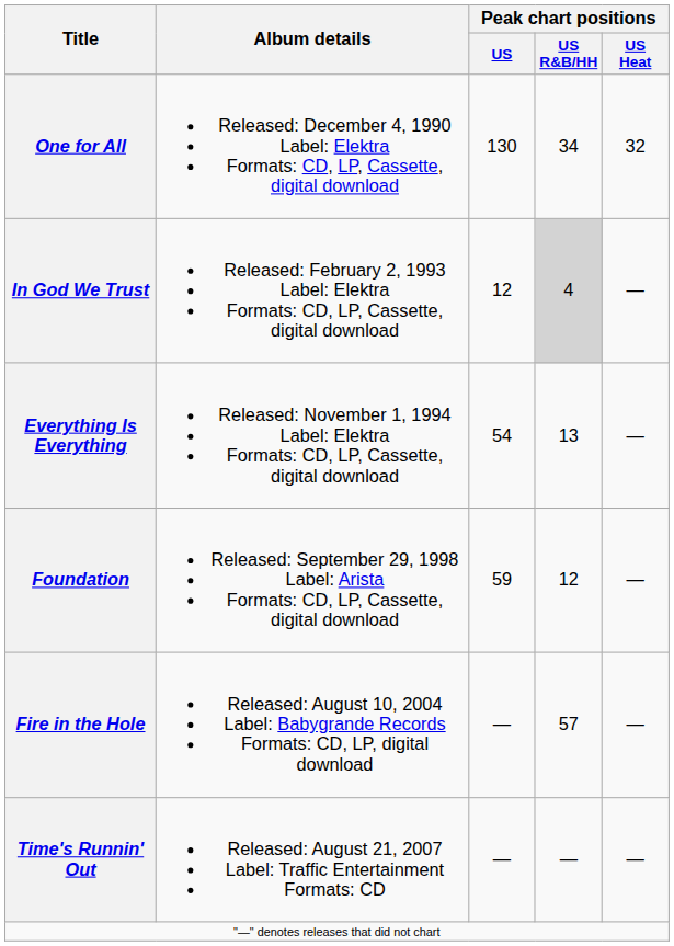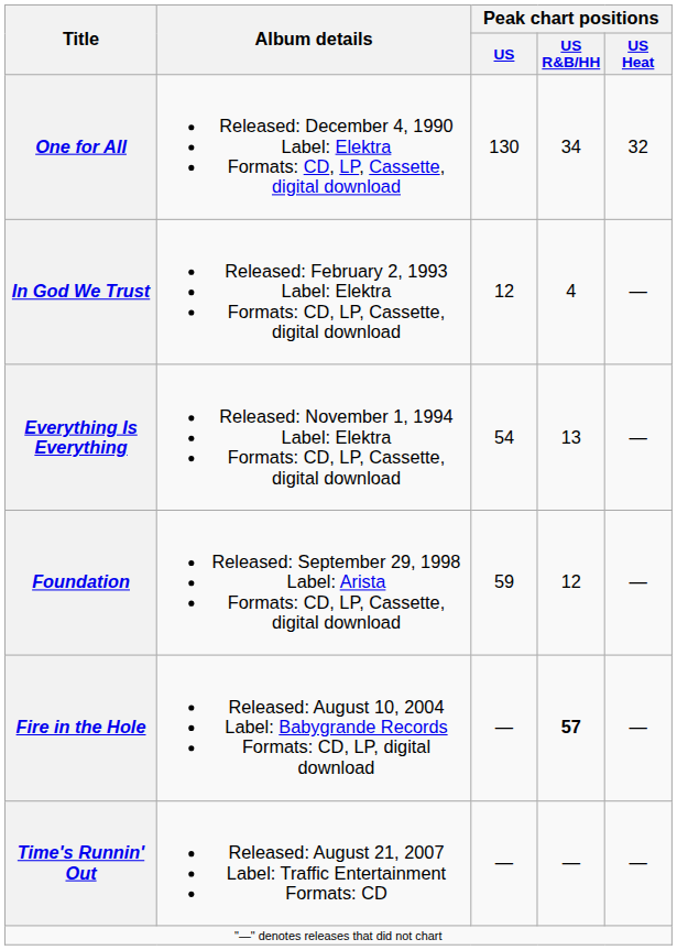 <table class="wikitable plainrowheaders" style="text-align:center;">
 <tr>
 <th rowspan="2" style="width:8em;">Title</th>
 <th rowspan="2" style="width:17em;">Album details</th>
 <th colspan="4">Peak chart positions</th>
 </tr>
 <tr style="font-size:smaller;">
 <th style="width:4em;"><a href='#'>US</a><br></th>
 <th style="width:4em;"><a href='#'>US <br>R&B/HH</a><br></th>
 <th style="width:4em;"><a href='#'>US <br>Heat</a><br></th>
 </tr>
 <tr>
 <th scope="row"><em><a href='#'>One for All</a></em></th>
 <td><br><ul><li>Released: December 4, 1990</li><li>Label: <a href='#'>Elektra</a></li><li>Formats: <a href='#'>CD</a>, <a href='#'>LP</a>, <a href='#'>Cassette</a>, <a href='#'>digital download</a></li></ul></td>
 <td>130</td>
 <td>34</td>
 <td>32</td>
 </tr>
 <tr>
 <th scope="row"><em><a href='#'>In God We Trust</a></em></th>
 <td><br><ul><li>Released: February 2, 1993</li><li>Label: Elektra</li><li>Formats: CD, LP, Cassette, digital download</li></ul></td>
 <td>12</td>
-<td style="background: lightgrey;">4</td>
+<td>4</td>
 <td>—</td>
 </tr>
 <tr>
 <th scope="row"><em><a href='#'>Everything Is Everything</a></em></th>
 <td><br><ul><li>Released: November 1, 1994</li><li>Label: Elektra</li><li>Formats: CD, LP, Cassette, digital download</li></ul></td>
 <td>54</td>
 <td>13</td>
 <td>—</td>
 </tr>
 <tr>
 <th scope="row"><em><a href='#'>Foundation</a></em></th>
 <td><br><ul><li>Released: September 29, 1998</li><li>Label: <a href='#'>Arista</a></li><li>Formats: CD, LP, Cassette, digital download</li></ul></td>
 <td>59</td>
 <td>12</td>
 <td>—</td>
 </tr>
 <tr>
 <th scope="row"><em><a href='#'>Fire in the Hole</a></em></th>
 <td><br><ul><li>Released: August 10, 2004</li><li>Label: <a href='#'>Babygrande Records</a></li><li>Formats: CD, LP, digital download</li></ul></td>
 <td>—</td>
-<td>57</td>
+<td><strong>57</strong></td>
 <td>—</td>
 </tr>
 <tr>
 <th scope="row"><em><a href='#'>Time's Runnin' Out</a></em></th>
 <td><br><ul><li>Released: August 21, 2007</li><li>Label: Traffic Entertainment</li><li>Formats: CD</li></ul></td>
 <td>—</td>
 <td>—</td>
 <td>—</td>
 </tr>
 <tr>
 <td colspan="6" style="font-size:8pt">"—" denotes releases that did not chart</td>
 </tr>
 </table>
